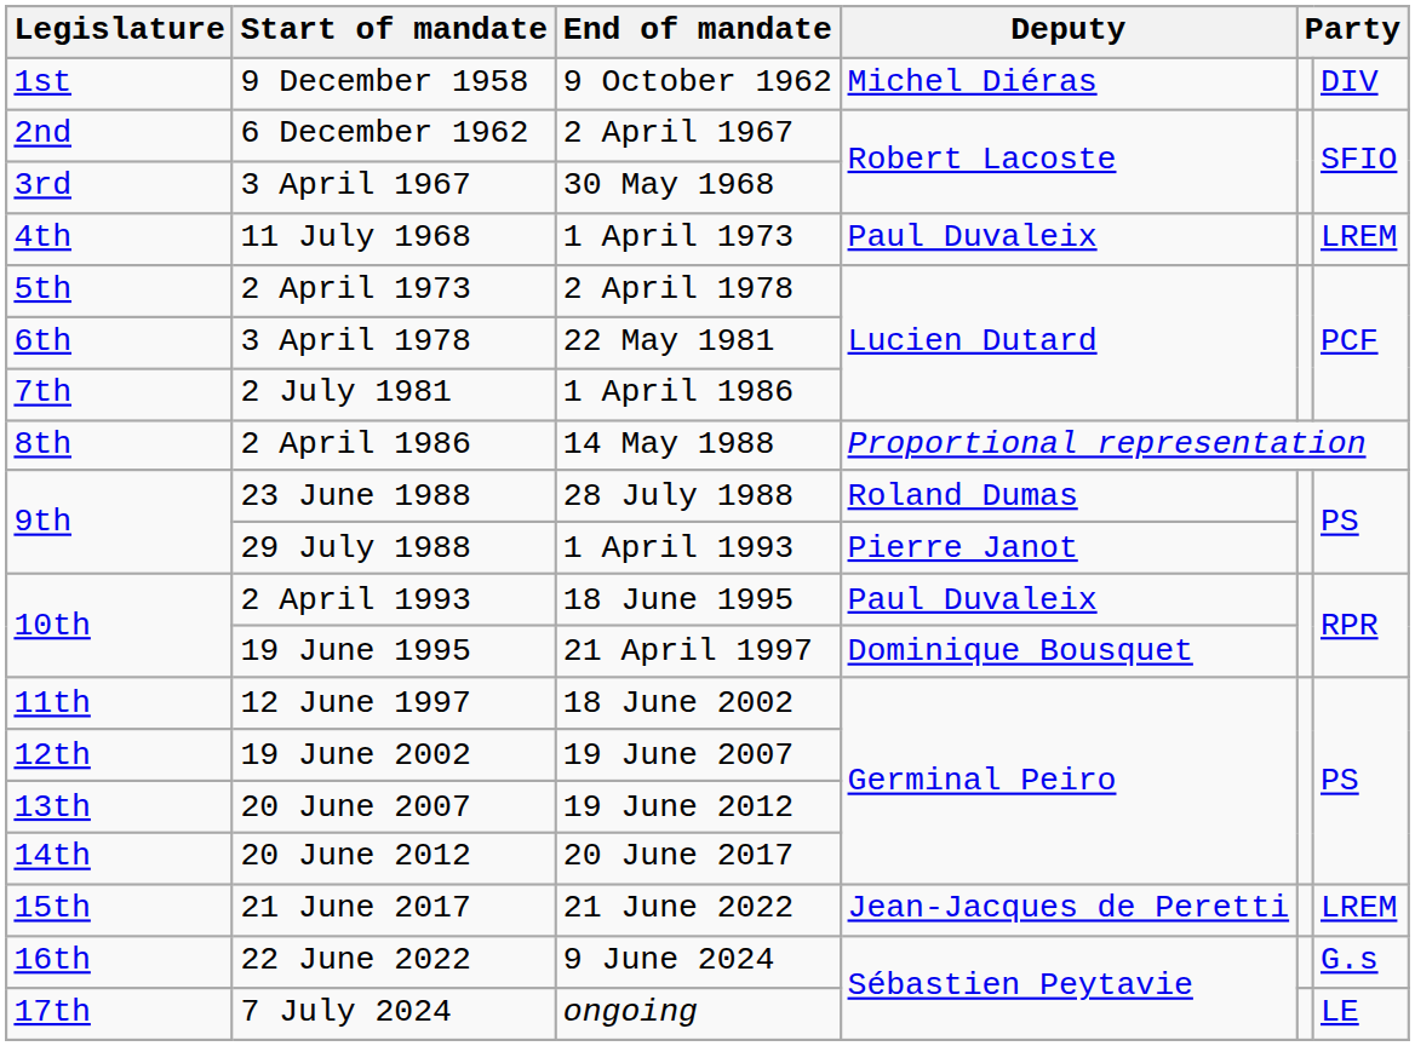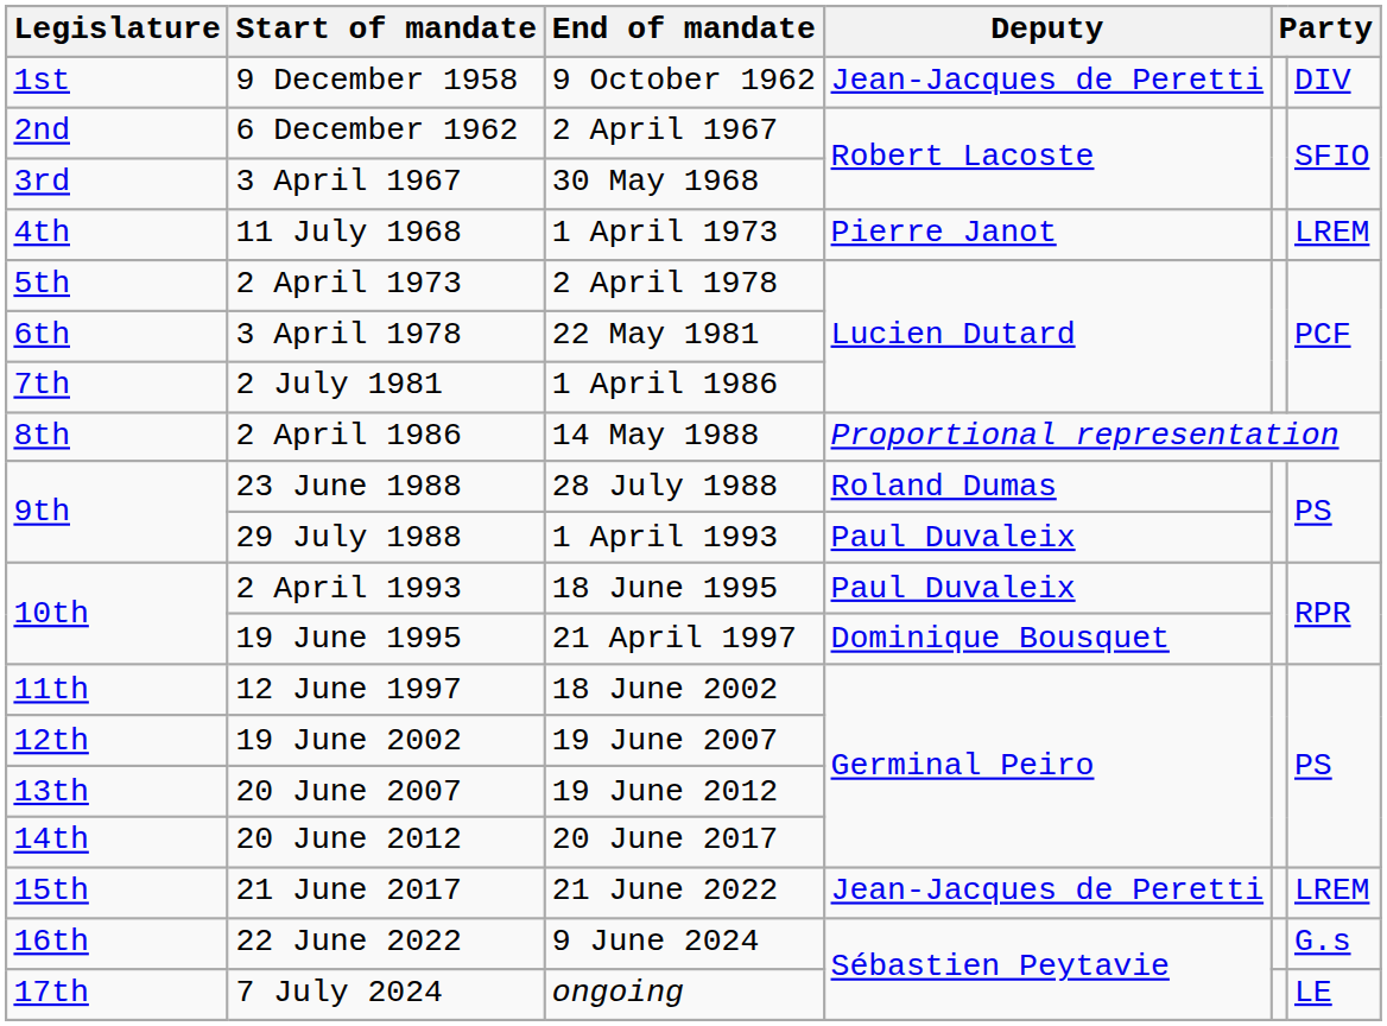 <table class="wikitable" style="font-size:95%;">
 <tr>
 <th>Legislature</th>
 <th>Start of mandate</th>
 <th>End of mandate</th>
 <th>Deputy</th>
 <th colspan="2">Party</th>
 </tr>
 <tr>
 <td><a href='#'>1st</a></td>
 <td>9 December 1958</td>
 <td>9 October 1962</td>
-<td><a href='#'>Michel Diéras</a></td>
+<td><a href='#'>Jean-Jacques de Peretti</a></td>
 <td style="color:inherit;background:"></td>
 <td><a href='#'>DIV</a></td>
 </tr>
 <tr>
 <td><a href='#'>2nd</a></td>
 <td>6 December 1962</td>
 <td>2 April 1967</td>
 <td rowspan="2"><a href='#'>Robert Lacoste</a></td>
 <td rowspan="2" style="color:inherit;background:"></td>
 <td rowspan="2"><a href='#'>SFIO</a></td>
 </tr>
 <tr>
 <td><a href='#'>3rd</a></td>
 <td>3 April 1967</td>
 <td>30 May 1968</td>
 </tr>
 <tr>
 <td><a href='#'>4th</a></td>
 <td>11 July 1968</td>
 <td>1 April 1973</td>
-<td><a href='#'>Paul Duvaleix</a></td>
+<td><a href='#'>Pierre Janot</a></td>
 <td style="color:inherit;background:"></td>
 <td><a href='#'>LREM</a></td>
 </tr>
 <tr>
 <td><a href='#'>5th</a></td>
 <td>2 April 1973</td>
 <td>2 April 1978</td>
 <td rowspan="3"><a href='#'>Lucien Dutard</a></td>
 <td rowspan="3" style="color:inherit;background:"></td>
 <td rowspan="3"><a href='#'>PCF</a></td>
 </tr>
 <tr>
 <td><a href='#'>6th</a></td>
 <td>3 April 1978</td>
 <td>22 May 1981</td>
 </tr>
 <tr>
 <td><a href='#'>7th</a></td>
 <td>2 July 1981</td>
 <td>1 April 1986</td>
 </tr>
 <tr>
 <td><a href='#'>8th</a></td>
 <td>2 April 1986</td>
 <td>14 May 1988</td>
 <td colspan="3"><em><a href='#'>Proportional representation</a></em></td>
 </tr>
 <tr>
 <td rowspan="2"><a href='#'>9th</a></td>
 <td>23 June 1988</td>
 <td>28 July 1988</td>
 <td><a href='#'>Roland Dumas</a></td>
 <td rowspan="2" style="color:inherit;background:"></td>
 <td rowspan="2"><a href='#'>PS</a></td>
 </tr>
 <tr>
 <td>29 July 1988</td>
 <td>1 April 1993</td>
-<td><a href='#'>Pierre Janot</a></td>
+<td><a href='#'>Paul Duvaleix</a></td>
 </tr>
 <tr>
 <td rowspan="2"><a href='#'>10th</a></td>
 <td>2 April 1993</td>
 <td>18 June 1995</td>
 <td><a href='#'>Paul Duvaleix</a></td>
 <td rowspan="2" style="color:inherit;background:"></td>
 <td rowspan="2"><a href='#'>RPR</a></td>
 </tr>
 <tr>
 <td>19 June 1995</td>
 <td>21 April 1997</td>
 <td><a href='#'>Dominique Bousquet</a></td>
 </tr>
 <tr>
 <td><a href='#'>11th</a></td>
 <td>12 June 1997</td>
 <td>18 June 2002</td>
 <td rowspan="4"><a href='#'>Germinal Peiro</a></td>
 <td rowspan="4" style="color:inherit;background:"></td>
 <td rowspan="4"><a href='#'>PS</a></td>
 </tr>
 <tr>
 <td><a href='#'>12th</a></td>
 <td>19 June 2002</td>
 <td>19 June 2007</td>
 </tr>
 <tr>
 <td><a href='#'>13th</a></td>
 <td>20 June 2007</td>
 <td>19 June 2012</td>
 </tr>
 <tr>
 <td><a href='#'>14th</a></td>
 <td>20 June 2012</td>
 <td>20 June 2017</td>
 </tr>
 <tr>
 <td><a href='#'>15th</a></td>
 <td>21 June 2017</td>
 <td>21 June 2022</td>
 <td><a href='#'>Jean-Jacques de Peretti</a></td>
 <td style="color:inherit;background:"></td>
 <td><a href='#'>LREM</a></td>
 </tr>
 <tr>
 <td><a href='#'>16th</a></td>
 <td>22 June 2022</td>
 <td>9 June 2024</td>
 <td rowspan="2"><a href='#'>Sébastien Peytavie</a></td>
 <td style="color:inherit;background:"></td>
 <td><a href='#'>G.s</a></td>
 </tr>
 <tr>
 <td><a href='#'>17th</a></td>
 <td>7 July 2024</td>
 <td><em>ongoing</em></td>
 <td style="color:inherit;background:"></td>
 <td><a href='#'>LE</a></td>
 </tr>
 </table>
